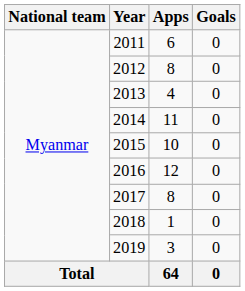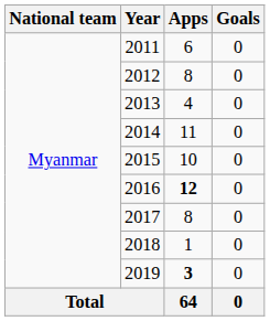 <table class=wikitable style=text-align:center>
 <tr>
 <th>National team</th>
 <th>Year</th>
 <th>Apps</th>
 <th>Goals</th>
 </tr>
 <tr>
 <td rowspan=9><a href='#'>Myanmar</a></td>
 <td>2011</td>
 <td>6</td>
 <td>0</td>
 </tr>
 <tr>
 <td>2012</td>
 <td>8</td>
 <td>0</td>
 </tr>
 <tr>
 <td>2013</td>
 <td>4</td>
 <td>0</td>
 </tr>
 <tr>
 <td>2014</td>
 <td>11</td>
 <td>0</td>
 </tr>
 <tr>
 <td>2015</td>
 <td>10</td>
 <td>0</td>
 </tr>
 <tr>
 <td>2016</td>
-<td>12</td>
+<td><strong>12</strong></td>
 <td>0</td>
 </tr>
 <tr>
 <td>2017</td>
 <td>8</td>
 <td>0</td>
 </tr>
 <tr>
 <td>2018</td>
 <td>1</td>
 <td>0</td>
 </tr>
 <tr>
 <td>2019</td>
-<td>3</td>
+<td><strong>3</strong></td>
 <td>0</td>
 </tr>
 <tr>
 <th colspan=2>Total</th>
 <th>64</th>
 <th>0</th>
 </tr>
 </table>
